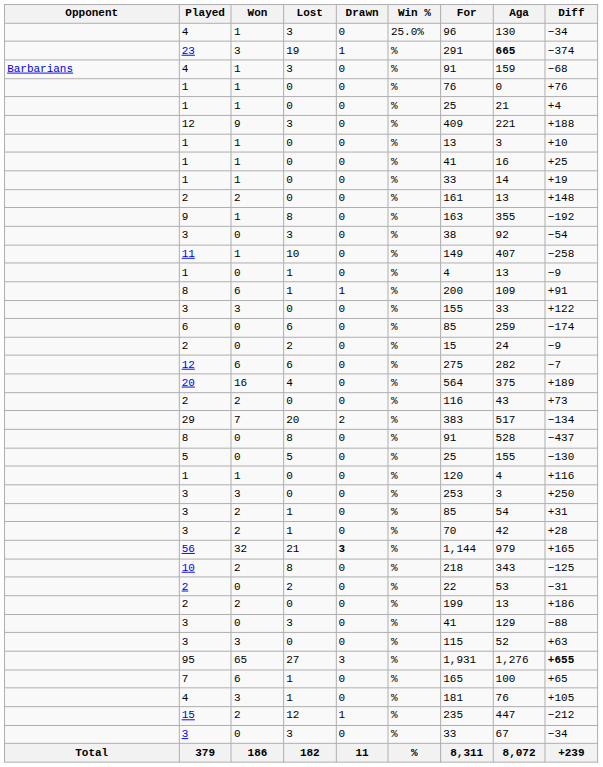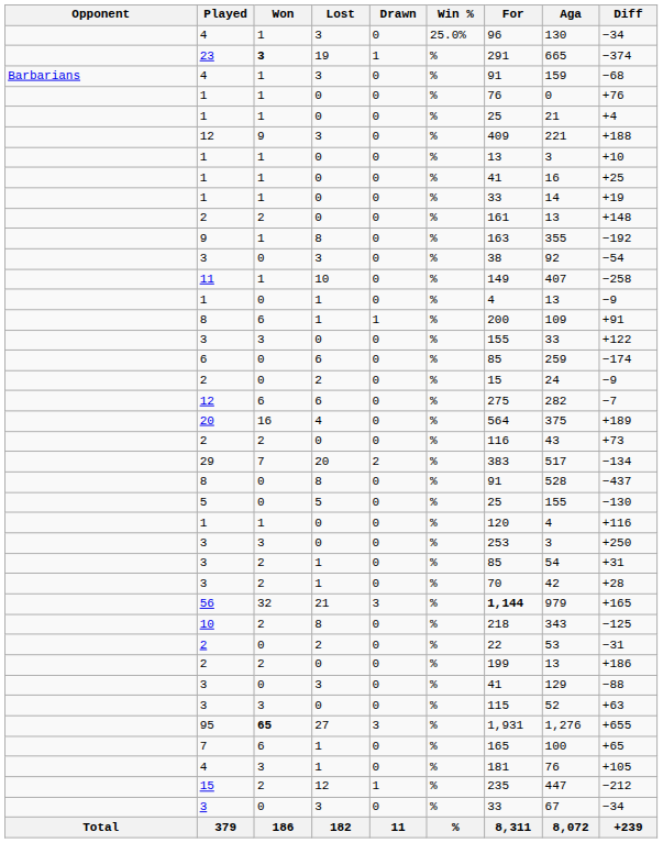 <table class="wikitable sortable" style=font-size:90%>
 <tr>
 <th style=width:180px>Opponent</th>
 <th style=width:50px>Played</th>
 <th style=width:50px>Won</th>
 <th style=width:50px>Lost</th>
 <th style=width:50px>Drawn</th>
 <th style=width:50px>Win %</th>
 <th style=width:50px>For</th>
 <th style=width:50px>Aga</th>
 <th style=width:50px>Diff</th>
 </tr>
 <tr>
 <td></td>
 <td>4</td>
 <td>1</td>
 <td>3</td>
 <td>0</td>
 <td>25.0%</td>
 <td>96</td>
 <td>130</td>
 <td>−34</td>
 </tr>
 <tr>
 <td></td>
 <td><a href='#'>23</a></td>
-<td>3</td>
+<td><strong>3</strong></td>
 <td>19</td>
 <td>1</td>
 <td>%</td>
 <td>291</td>
-<td><strong>665</strong></td>
+<td>665</td>
 <td>−374</td>
 </tr>
 <tr>
 <td><a href='#'>Barbarians</a></td>
 <td>4</td>
 <td>1</td>
 <td>3</td>
 <td>0</td>
 <td>%</td>
 <td>91</td>
 <td>159</td>
 <td>−68</td>
 </tr>
 <tr>
 <td></td>
 <td>1</td>
 <td>1</td>
 <td>0</td>
 <td>0</td>
 <td>%</td>
 <td>76</td>
 <td>0</td>
 <td>+76</td>
 </tr>
 <tr>
 <td></td>
 <td>1</td>
 <td>1</td>
 <td>0</td>
 <td>0</td>
 <td>%</td>
 <td>25</td>
 <td>21</td>
 <td>+4</td>
 </tr>
 <tr>
 <td></td>
 <td>12</td>
 <td>9</td>
 <td>3</td>
 <td>0</td>
 <td>%</td>
 <td>409</td>
 <td>221</td>
 <td>+188</td>
 </tr>
 <tr>
 <td></td>
 <td>1</td>
 <td>1</td>
 <td>0</td>
 <td>0</td>
 <td>%</td>
 <td>13</td>
 <td>3</td>
 <td>+10</td>
 </tr>
 <tr>
 <td></td>
 <td>1</td>
 <td>1</td>
 <td>0</td>
 <td>0</td>
 <td>%</td>
 <td>41</td>
 <td>16</td>
 <td>+25</td>
 </tr>
 <tr>
 <td></td>
 <td>1</td>
 <td>1</td>
 <td>0</td>
 <td>0</td>
 <td>%</td>
 <td>33</td>
 <td>14</td>
 <td>+19</td>
 </tr>
 <tr>
 <td></td>
 <td>2</td>
 <td>2</td>
 <td>0</td>
 <td>0</td>
 <td>%</td>
 <td>161</td>
 <td>13</td>
 <td>+148</td>
 </tr>
 <tr>
 <td></td>
 <td>9</td>
 <td>1</td>
 <td>8</td>
 <td>0</td>
 <td>%</td>
 <td>163</td>
 <td>355</td>
 <td>−192</td>
 </tr>
 <tr>
 <td></td>
 <td>3</td>
 <td>0</td>
 <td>3</td>
 <td>0</td>
 <td>%</td>
 <td>38</td>
 <td>92</td>
 <td>−54</td>
 </tr>
 <tr>
 <td></td>
 <td><a href='#'>11</a></td>
 <td>1</td>
 <td>10</td>
 <td>0</td>
 <td>%</td>
 <td>149</td>
 <td>407</td>
 <td>−258</td>
 </tr>
 <tr>
 <td></td>
 <td>1</td>
 <td>0</td>
 <td>1</td>
 <td>0</td>
 <td>%</td>
 <td>4</td>
 <td>13</td>
 <td>−9</td>
 </tr>
 <tr>
 <td></td>
 <td>8</td>
 <td>6</td>
 <td>1</td>
 <td>1</td>
 <td>%</td>
 <td>200</td>
 <td>109</td>
 <td>+91</td>
 </tr>
 <tr>
 <td></td>
 <td>3</td>
 <td>3</td>
 <td>0</td>
 <td>0</td>
 <td>%</td>
 <td>155</td>
 <td>33</td>
 <td>+122</td>
 </tr>
 <tr>
 <td></td>
 <td>6</td>
 <td>0</td>
 <td>6</td>
 <td>0</td>
 <td>%</td>
 <td>85</td>
 <td>259</td>
 <td>−174</td>
 </tr>
 <tr>
 <td></td>
 <td>2</td>
 <td>0</td>
 <td>2</td>
 <td>0</td>
 <td>%</td>
 <td>15</td>
 <td>24</td>
 <td>−9</td>
 </tr>
 <tr>
 <td></td>
 <td><a href='#'>12</a></td>
 <td>6</td>
 <td>6</td>
 <td>0</td>
 <td>%</td>
 <td>275</td>
 <td>282</td>
 <td>−7</td>
 </tr>
 <tr>
 <td></td>
 <td><a href='#'>20</a></td>
 <td>16</td>
 <td>4</td>
 <td>0</td>
 <td>%</td>
 <td>564</td>
 <td>375</td>
 <td>+189</td>
 </tr>
 <tr>
 <td></td>
 <td>2</td>
 <td>2</td>
 <td>0</td>
 <td>0</td>
 <td>%</td>
 <td>116</td>
 <td>43</td>
 <td>+73</td>
 </tr>
 <tr>
 <td></td>
 <td>29</td>
 <td>7</td>
 <td>20</td>
 <td>2</td>
 <td>%</td>
 <td>383</td>
 <td>517</td>
 <td>−134</td>
 </tr>
 <tr>
 <td></td>
 <td>8</td>
 <td>0</td>
 <td>8</td>
 <td>0</td>
 <td>%</td>
 <td>91</td>
 <td>528</td>
 <td>−437</td>
 </tr>
 <tr>
 <td></td>
 <td>5</td>
 <td>0</td>
 <td>5</td>
 <td>0</td>
 <td>%</td>
 <td>25</td>
 <td>155</td>
 <td>−130</td>
 </tr>
 <tr>
 <td></td>
 <td>1</td>
 <td>1</td>
 <td>0</td>
 <td>0</td>
 <td>%</td>
 <td>120</td>
 <td>4</td>
 <td>+116</td>
 </tr>
 <tr>
 <td></td>
 <td>3</td>
 <td>3</td>
 <td>0</td>
 <td>0</td>
 <td>%</td>
 <td>253</td>
 <td>3</td>
 <td>+250</td>
 </tr>
 <tr>
 <td></td>
 <td>3</td>
 <td>2</td>
 <td>1</td>
 <td>0</td>
 <td>%</td>
 <td>85</td>
 <td>54</td>
 <td>+31</td>
 </tr>
 <tr>
 <td></td>
 <td>3</td>
 <td>2</td>
 <td>1</td>
 <td>0</td>
 <td>%</td>
 <td>70</td>
 <td>42</td>
 <td>+28</td>
 </tr>
 <tr>
 <td></td>
 <td><a href='#'>56</a></td>
 <td>32</td>
 <td>21</td>
-<td><strong>3</strong></td>
+<td>3</td>
 <td>%</td>
-<td>1,144</td>
+<td><strong>1,144</strong></td>
 <td>979</td>
 <td>+165</td>
 </tr>
 <tr>
 <td></td>
 <td><a href='#'>10</a></td>
 <td>2</td>
 <td>8</td>
 <td>0</td>
 <td>%</td>
 <td>218</td>
 <td>343</td>
 <td>−125</td>
 </tr>
 <tr>
 <td></td>
 <td><a href='#'>2</a></td>
 <td>0</td>
 <td>2</td>
 <td>0</td>
 <td>%</td>
 <td>22</td>
 <td>53</td>
 <td>−31</td>
 </tr>
 <tr>
 <td></td>
 <td>2</td>
 <td>2</td>
 <td>0</td>
 <td>0</td>
 <td>%</td>
 <td>199</td>
 <td>13</td>
 <td>+186</td>
 </tr>
 <tr>
 <td></td>
 <td>3</td>
 <td>0</td>
 <td>3</td>
 <td>0</td>
 <td>%</td>
 <td>41</td>
 <td>129</td>
 <td>−88</td>
 </tr>
 <tr>
 <td></td>
 <td>3</td>
 <td>3</td>
 <td>0</td>
 <td>0</td>
 <td>%</td>
 <td>115</td>
 <td>52</td>
 <td>+63</td>
 </tr>
 <tr>
 <td></td>
 <td>95</td>
-<td>65</td>
+<td><strong>65</strong></td>
 <td>27</td>
 <td>3</td>
 <td>%</td>
 <td>1,931</td>
 <td>1,276</td>
-<td><strong>+655</strong></td>
+<td>+655</td>
 </tr>
 <tr>
 <td></td>
 <td>7</td>
 <td>6</td>
 <td>1</td>
 <td>0</td>
 <td>%</td>
 <td>165</td>
 <td>100</td>
 <td>+65</td>
 </tr>
 <tr>
 <td></td>
 <td>4</td>
 <td>3</td>
 <td>1</td>
 <td>0</td>
 <td>%</td>
 <td>181</td>
 <td>76</td>
 <td>+105</td>
 </tr>
 <tr>
 <td></td>
 <td><a href='#'>15</a></td>
 <td>2</td>
 <td>12</td>
 <td>1</td>
 <td>%</td>
 <td>235</td>
 <td>447</td>
 <td>−212</td>
 </tr>
 <tr>
 <td></td>
 <td><a href='#'>3</a></td>
 <td>0</td>
 <td>3</td>
 <td>0</td>
 <td>%</td>
 <td>33</td>
 <td>67</td>
 <td>−34</td>
 </tr>
 <tr class=sortbottom>
 <th>Total</th>
 <th>379</th>
 <th>186</th>
 <th>182</th>
 <th>11</th>
 <th>%</th>
 <th>8,311</th>
 <th>8,072</th>
 <th>+239</th>
 </tr>
 </table>
